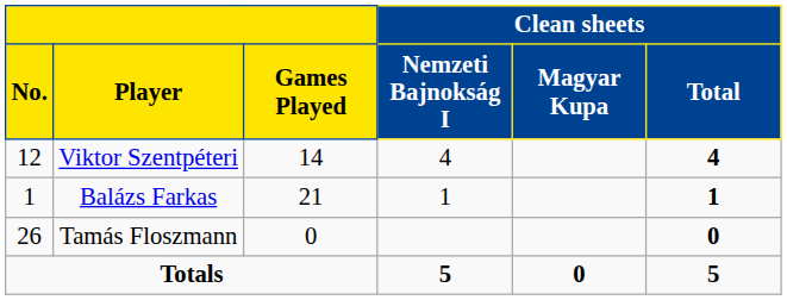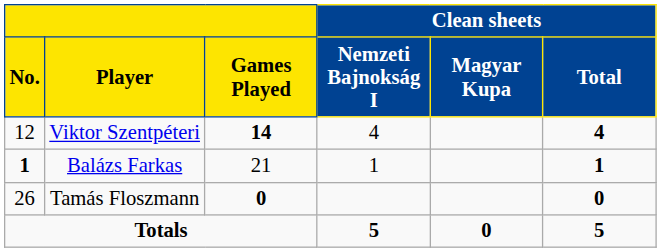 <table class="wikitable sortable alternance" style="text-align:center">
 <tr>
 <th colspan="3" style="background:#FDE500;border:1px solid #004292"></th>
 <th colspan="4" style="background:#004292;color:white;border:1px solid #FDE500">Clean sheets</th>
 </tr>
 <tr>
 <th style="background-color:#FDE500;color:black;border:1px solid #004292">No.</th>
 <th style="background-color:#FDE500;color:black;border:1px solid #004292">Player</th>
 <th width=80 style="background-color:#FDE500;color:black;border:1px solid #004292">Games Played</th>
 <th width=80 style="background-color:#004292;color:white;border:1px solid #FDE500">Nemzeti Bajnokság I</th>
 <th width=80 style="background-color:#004292;color:white;border:1px solid #FDE500">Magyar Kupa</th>
 <th width=80 style="background-color:#004292;color:white;border:1px solid #FDE500">Total</th>
 </tr>
 <tr>
 <td>12</td>
 <td> <a href='#'>Viktor Szentpéteri</a></td>
-<td>14</td>
+<td><strong>14</strong></td>
 <td>4</td>
 <td></td>
 <td><strong>4</strong></td>
 </tr>
 <tr>
-<td>1</td>
+<td><strong>1</strong></td>
 <td> <a href='#'>Balázs Farkas</a></td>
 <td>21</td>
 <td>1</td>
 <td></td>
 <td><strong>1</strong></td>
 </tr>
 <tr>
 <td>26</td>
 <td> Tamás Floszmann</td>
-<td>0</td>
+<td><strong>0</strong></td>
 <td></td>
 <td></td>
 <td><strong>0</strong></td>
 </tr>
 <tr class="sortbottom">
 <td colspan="3"><strong>Totals</strong></td>
 <td><strong>5</strong></td>
 <td><strong>0</strong></td>
 <td><strong>5</strong></td>
 </tr>
 </table>
